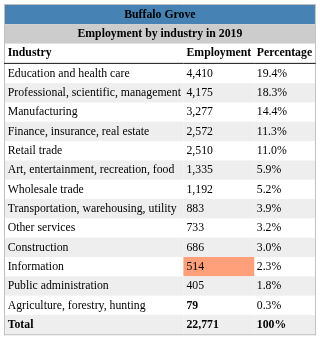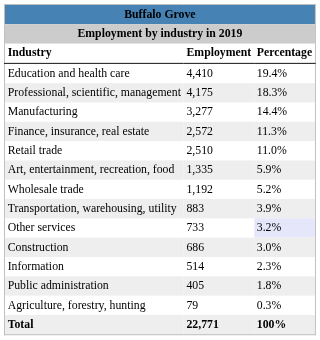 <table class="floatright" cellpadding="3" style="margin:1 1em 1em 0; border:1px #bbb solid; border-collapse:collapse; font-size:80%; text-align:left;">
 <tr style="text-align:center; background:steelblue; white-space: nowrap;">
 <th colspan=3><span><strong>Buffalo Grove</strong></span></th>
 </tr>
 <tr style="text-align:center; background:#ccc;">
 <th colspan=3><span>Employment by industry in 2019</span></th>
 </tr>
 <tr style="text-align:center;border-bottom:solid 1px;margin-bottom:.2em;width:66%;text-align:left;color:black;font-weight:bold;">
 <td>Industry</td>
 <td>Employment</td>
 <td>Percentage</td>
 </tr>
 <tr>
 <td>Education and health care</td>
 <td>4,410</td>
 <td>19.4%</td>
 </tr>
 <tr style="background:#eee;">
 <td>Professional, scientific, management</td>
 <td>4,175</td>
 <td>18.3%</td>
 </tr>
 <tr>
 <td>Manufacturing</td>
 <td>3,277</td>
 <td>14.4%</td>
 </tr>
 <tr style="background:#eee;">
 <td>Finance, insurance, real estate</td>
 <td>2,572</td>
 <td>11.3%</td>
 </tr>
 <tr>
 <td>Retail trade</td>
 <td>2,510</td>
 <td>11.0%</td>
 </tr>
 <tr style="background:#eee;">
 <td>Art, entertainment, recreation, food</td>
 <td>1,335</td>
 <td>5.9%</td>
 </tr>
 <tr>
 <td>Wholesale trade</td>
 <td>1,192</td>
 <td>5.2%</td>
 </tr>
 <tr style="background:#eee;">
 <td>Transportation, warehousing, utility</td>
 <td>883</td>
 <td>3.9%</td>
 </tr>
 <tr>
 <td>Other services</td>
 <td>733</td>
-<td>3.2%</td>
+<td style="background: lavender;">3.2%</td>
 </tr>
 <tr style="background:#eee;">
 <td>Construction</td>
 <td>686</td>
 <td>3.0%</td>
 </tr>
 <tr>
 <td>Information</td>
-<td style="background: lightsalmon;">514</td>
+<td>514</td>
 <td>2.3%</td>
 </tr>
 <tr style="background:#eee;">
 <td>Public administration</td>
 <td>405</td>
 <td>1.8%</td>
 </tr>
 <tr>
 <td>Agriculture, forestry, hunting</td>
-<td><strong>79</strong></td>
+<td>79</td>
 <td>0.3%</td>
 </tr>
 <tr style="background:#eee;">
 <th>Total</th>
 <th>22,771</th>
 <th>100%</th>
 </tr>
 </table>
